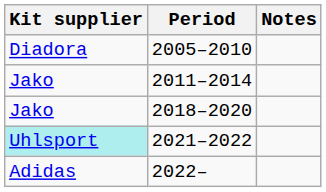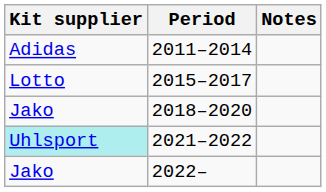 <table class="wikitable">
 <tr>
 <th style="width=30;">Kit supplier</th>
 <th style="width=30;">Period</th>
 <th style="width=30;">Notes</th>
 </tr>
 <tr>
-<td><a href='#'>Diadora</a></td>
-<td>2005–2010</td>
+<td><a href='#'>Adidas</a></td>
+<td>2011–2014</td>
 <td></td>
 </tr>
 <tr>
-<td><a href='#'>Jako</a></td>
-<td>2011–2014</td>
+<td><a href='#'>Lotto</a></td>
+<td>2015–2017</td>
 <td></td>
 </tr>
 <tr>
 <td><a href='#'>Jako</a></td>
 <td>2018–2020</td>
 <td></td>
 </tr>
 <tr>
 <td style="background: paleturquoise;"><a href='#'>Uhlsport</a></td>
 <td>2021–2022</td>
 <td></td>
 </tr>
 <tr>
-<td><a href='#'>Adidas</a></td>
+<td><a href='#'>Jako</a></td>
 <td>2022–</td>
 <td></td>
 </tr>
 </table>
